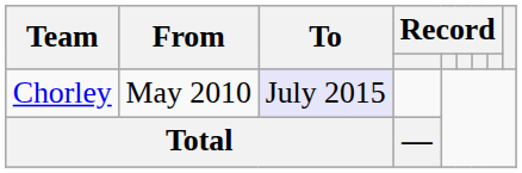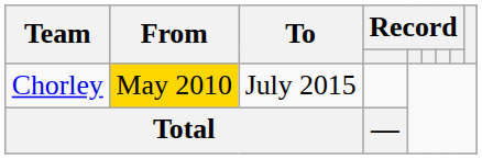 <table class="wikitable" style="text-align: center">
 <tr>
 <th rowspan=2>Team</th>
 <th rowspan=2>From</th>
 <th rowspan=2>To</th>
 <th colspan=5>Record</th>
 <th rowspan=2></th>
 </tr>
 <tr>
 <th></th>
 <th></th>
 <th></th>
 <th></th>
 <th></th>
 </tr>
 <tr>
 <td align=left><a href='#'>Chorley</a></td>
-<td align=left>May 2010</td>
-<td align=left style="background: lavender;">July 2015<br></td>
+<td align=left style="background: gold;">May 2010</td>
+<td align=left>July 2015<br></td>
 <td></td>
 </tr>
 <tr>
 <th colspan=3>Total<br></th>
 <th>—</th>
 </tr>
 </table>
